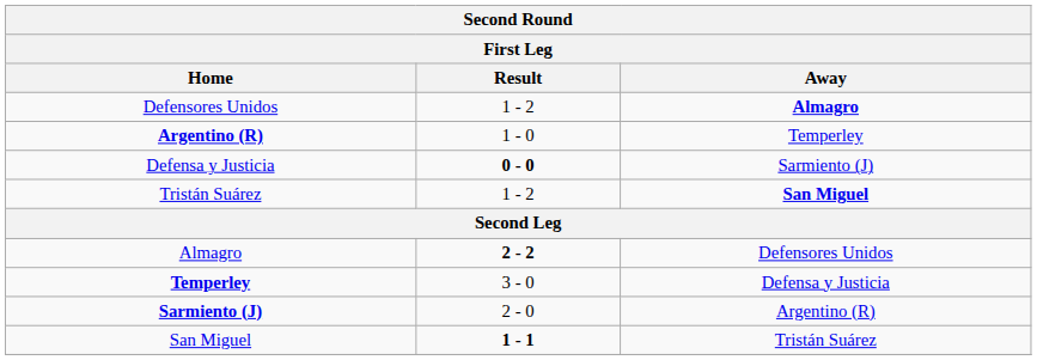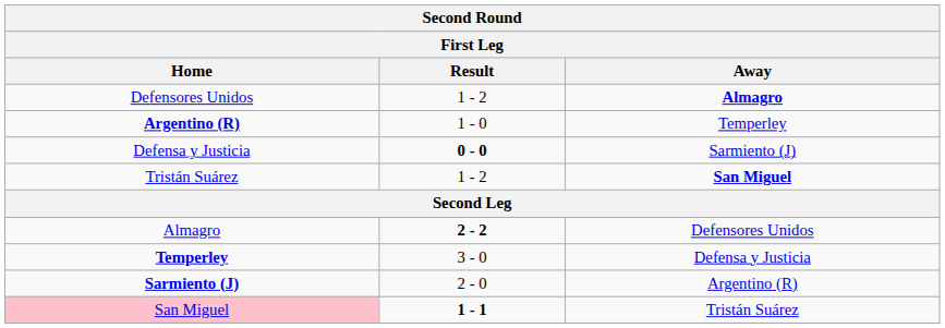 <table align=center class="wikitable collapsible collapsed" style="font-size:95%; text-align: center; width: 70%;">
 <tr>
 <th colspan=100% style="with: 100%;" align=center>Second Round</th>
 </tr>
 <tr>
 <th colspan=100% style="with: 75%;" align=center>First Leg</th>
 </tr>
 <tr>
 <th width=30%>Home</th>
 <th width=15%>Result</th>
 <th width=30%>Away</th>
 </tr>
 <tr align=center>
 <td><a href='#'>Defensores Unidos</a></td>
 <td>1 - 2</td>
 <td><strong><a href='#'>Almagro</a></strong></td>
 </tr>
 <tr align=center>
 <td><strong><a href='#'>Argentino (R)</a></strong></td>
 <td>1 - 0</td>
 <td><a href='#'>Temperley</a></td>
 </tr>
 <tr align=center>
 <td><a href='#'>Defensa y Justicia</a></td>
 <td><strong>0 - 0</strong></td>
 <td><a href='#'>Sarmiento (J)</a></td>
 </tr>
 <tr align=center>
 <td><a href='#'>Tristán Suárez</a></td>
 <td>1 - 2</td>
 <td><strong><a href='#'>San Miguel</a> </strong></td>
 </tr>
 <tr>
 <th colspan=100% style="with: 75%;" align=center>Second Leg</th>
 </tr>
 <tr align=center>
 <td><a href='#'>Almagro</a></td>
 <td><strong>2 - 2</strong></td>
 <td><a href='#'>Defensores Unidos</a></td>
 </tr>
 <tr align=center>
 <td><strong><a href='#'>Temperley</a></strong></td>
 <td>3 - 0</td>
 <td><a href='#'>Defensa y Justicia</a></td>
 </tr>
 <tr align=center>
 <td><strong><a href='#'>Sarmiento (J)</a></strong></td>
 <td>2 - 0</td>
 <td><a href='#'>Argentino (R)</a></td>
 </tr>
 <tr align=center>
-<td><a href='#'>San Miguel</a></td>
+<td style="background: pink;"><a href='#'>San Miguel</a></td>
 <td><strong>1 - 1</strong></td>
 <td><a href='#'>Tristán Suárez</a></td>
 </tr>
 <tr>
 </tr>
 </table>
